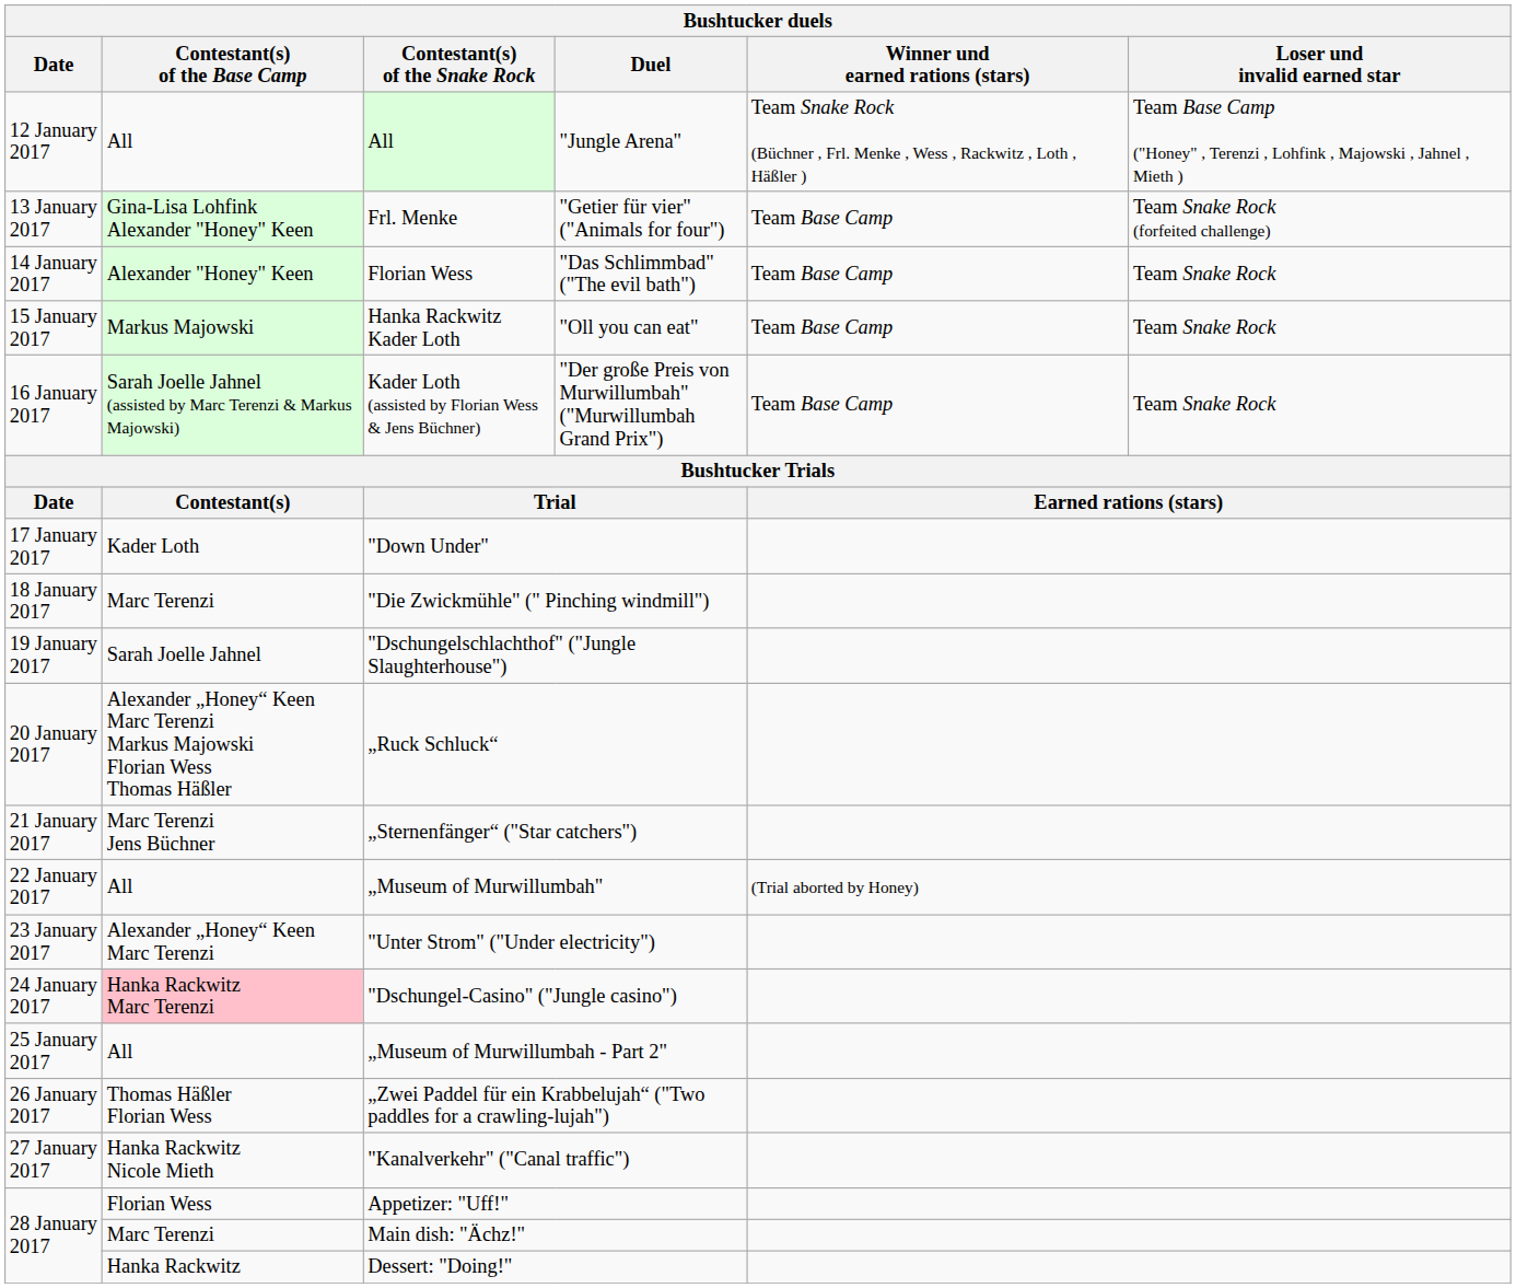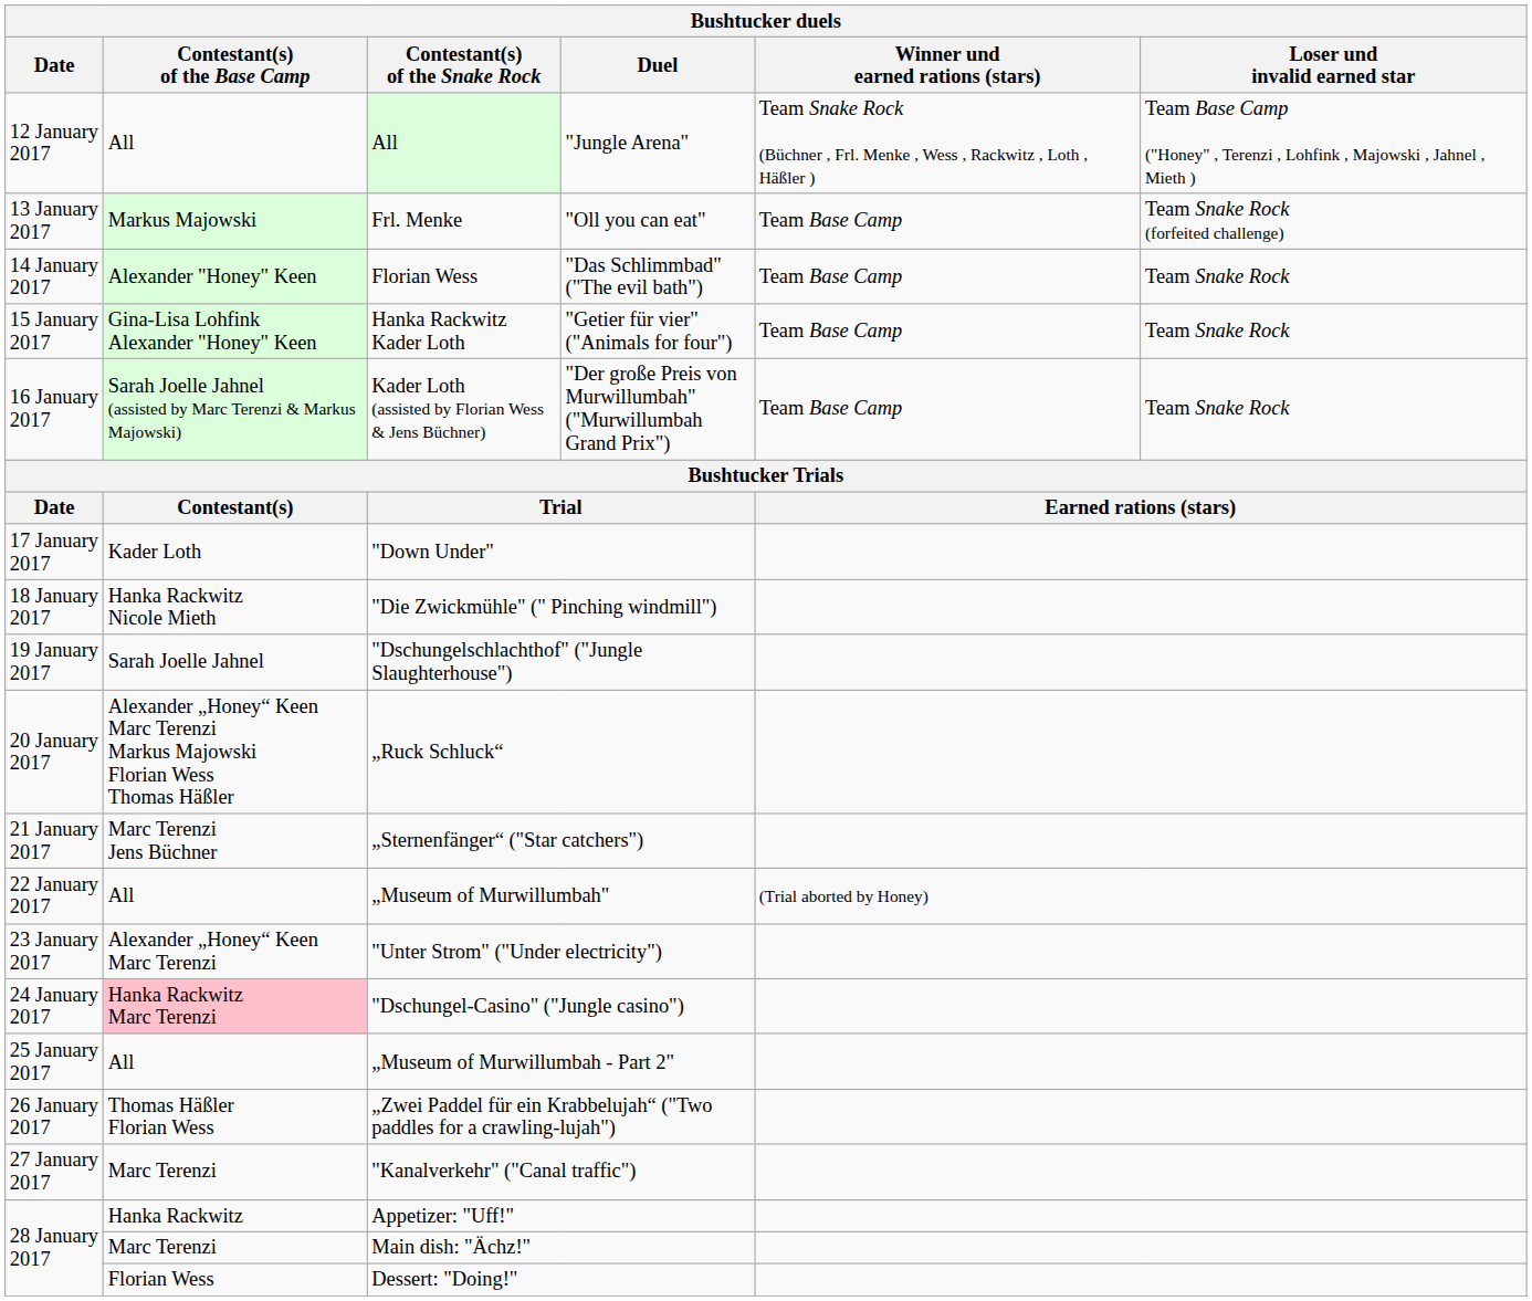 <table class="wikitable zebra ">
 <tr>
 <th colspan="6">Bushtucker duels</th>
 </tr>
 <tr class="hintergrundfarbe5">
 <th width="70">Date</th>
 <th width="145">Contestant(s) <br> of the <em>Base Camp</em></th>
 <th width="145">Contestant(s) <br> of the <em>Snake Rock</em></th>
 <th width="145">Duel</th>
 <th width="200">Winner und <br> earned rations (stars)</th>
 <th width="200">Loser und <br> invalid earned star</th>
 </tr>
 <tr>
 <td>12 January 2017</td>
 <td>All</td>
 <td style="background-color: #DBFFDB">All</td>
 <td>"Jungle Arena"</td>
 <td>Team <em>Snake Rock</em> <br>  <br> <small>(Büchner , Frl. Menke , Wess , Rackwitz , Loth , Häßler )</small></td>
 <td>Team <em>Base Camp</em> <br>  <br> <small>("Honey" , Terenzi , Lohfink , Majowski , Jahnel , Mieth )</small></td>
 </tr>
 <tr>
 <td>13 January 2017</td>
-<td style="background-color: #DBFFDB">Gina-Lisa Lohfink<br>Alexander "Honey" Keen</td>
+<td style="background-color: #DBFFDB">Markus Majowski</td>
 <td>Frl. Menke</td>
-<td>"Getier für vier" ("Animals for four")</td>
+<td>"Oll you can eat"</td>
 <td>Team <em>Base Camp</em> <br> </td>
 <td>Team <em>Snake Rock</em> <br>  <small>(forfeited challenge)</small></td>
 </tr>
 <tr>
 <td>14 January 2017</td>
 <td style="background-color: #DBFFDB">Alexander "Honey" Keen</td>
 <td>Florian Wess</td>
 <td>"Das Schlimmbad" ("The evil bath")</td>
 <td>Team <em>Base Camp</em> <br> </td>
 <td>Team <em>Snake Rock</em> <br> </td>
 </tr>
 <tr>
 <td>15 January 2017</td>
-<td style="background-color: #DBFFDB">Markus Majowski</td>
+<td style="background-color: #DBFFDB">Gina-Lisa Lohfink<br>Alexander "Honey" Keen</td>
 <td>Hanka Rackwitz<br>Kader Loth</td>
-<td>"Oll you can eat"</td>
+<td>"Getier für vier" ("Animals for four")</td>
 <td>Team <em>Base Camp</em> <br> </td>
 <td>Team <em>Snake Rock</em> <br> </td>
 </tr>
 <tr>
 <td>16 January 2017</td>
 <td style="background-color: #DBFFDB">Sarah Joelle Jahnel<br><small>(assisted by Marc Terenzi & Markus Majowski)</small></td>
 <td>Kader Loth<br><small>(assisted by Florian Wess & Jens Büchner)</small></td>
 <td>"Der große Preis von Murwillumbah" ("Murwillumbah Grand Prix")</td>
 <td>Team <em>Base Camp</em> <br> </td>
 <td>Team <em>Snake Rock</em> <br> </td>
 </tr>
 <tr>
 <th colspan="6">Bushtucker Trials</th>
 </tr>
 <tr class="hintergrundfarbe5">
 <th width="70">Date</th>
 <th width="200">Contestant(s)</th>
 <th colspan="2" width="200">Trial</th>
 <th colspan="2" width="600">Earned rations (stars)</th>
 </tr>
 <tr>
 <td>17 January 2017</td>
 <td>Kader Loth</td>
 <td colspan="2">"Down Under"</td>
 <td colspan="2"></td>
 </tr>
 <tr>
 <td>18 January 2017</td>
-<td>Marc Terenzi</td>
+<td>Hanka Rackwitz<br>Nicole Mieth</td>
 <td colspan="2">"Die Zwickmühle" (" Pinching windmill")</td>
 <td colspan="2"></td>
 </tr>
 <tr>
 <td>19 January 2017</td>
 <td>Sarah Joelle Jahnel</td>
 <td colspan="2">"Dschungelschlachthof" ("Jungle Slaughterhouse")</td>
 <td colspan="2"></td>
 </tr>
 <tr>
 <td>20 January 2017</td>
 <td>Alexander „Honey“ Keen<br>Marc Terenzi<br>Markus Majowski<br>Florian Wess<br>Thomas Häßler</td>
 <td colspan="2">„Ruck Schluck“</td>
 <td colspan="2"></td>
 </tr>
 <tr>
 <td>21 January 2017</td>
 <td>Marc Terenzi<br>Jens Büchner</td>
 <td colspan="2">„Sternenfänger“ ("Star catchers")</td>
 <td colspan="2"></td>
 </tr>
 <tr>
 <td>22 January 2017</td>
 <td>All</td>
 <td colspan="2">„Museum of Murwillumbah"</td>
 <td colspan="2"> <small>(Trial aborted by Honey)</small></td>
 </tr>
 <tr>
 <td>23 January 2017</td>
 <td>Alexander „Honey“ Keen<br>Marc Terenzi</td>
 <td colspan="2">"Unter Strom" ("Under electricity")</td>
 <td colspan="2"></td>
 </tr>
 <tr>
 <td>24 January 2017</td>
 <td style="background: pink;">Hanka Rackwitz<br>Marc Terenzi</td>
 <td colspan="2">"Dschungel-Casino" ("Jungle casino")</td>
 <td colspan="2"></td>
 </tr>
 <tr>
 <td>25 January 2017</td>
 <td>All</td>
 <td colspan="2">„Museum of Murwillumbah - Part 2"</td>
 <td colspan="2"></td>
 </tr>
 <tr>
 <td>26 January 2017</td>
 <td>Thomas Häßler<br>Florian Wess</td>
 <td colspan="2">„Zwei Paddel für ein Krabbelujah“ ("Two paddles for a crawling-lujah")</td>
 <td colspan="2"></td>
 </tr>
 <tr>
 <td>27 January 2017</td>
-<td>Hanka Rackwitz<br>Nicole Mieth</td>
+<td>Marc Terenzi</td>
 <td colspan="2">"Kanalverkehr" ("Canal traffic")</td>
 <td colspan="2"></td>
 </tr>
 <tr>
 <td rowspan="3">28 January 2017</td>
-<td>Florian Wess</td>
+<td>Hanka Rackwitz</td>
 <td colspan="2">Appetizer: "Uff!"</td>
 <td colspan="2"></td>
 </tr>
 <tr>
 <td>Marc Terenzi</td>
 <td colspan="2">Main dish: "Ächz!"</td>
 <td colspan="2"></td>
 </tr>
 <tr>
-<td>Hanka Rackwitz</td>
+<td>Florian Wess</td>
 <td colspan="2">Dessert: "Doing!"</td>
 <td colspan="2"></td>
 </tr>
 <tr>
 </tr>
 </table>
